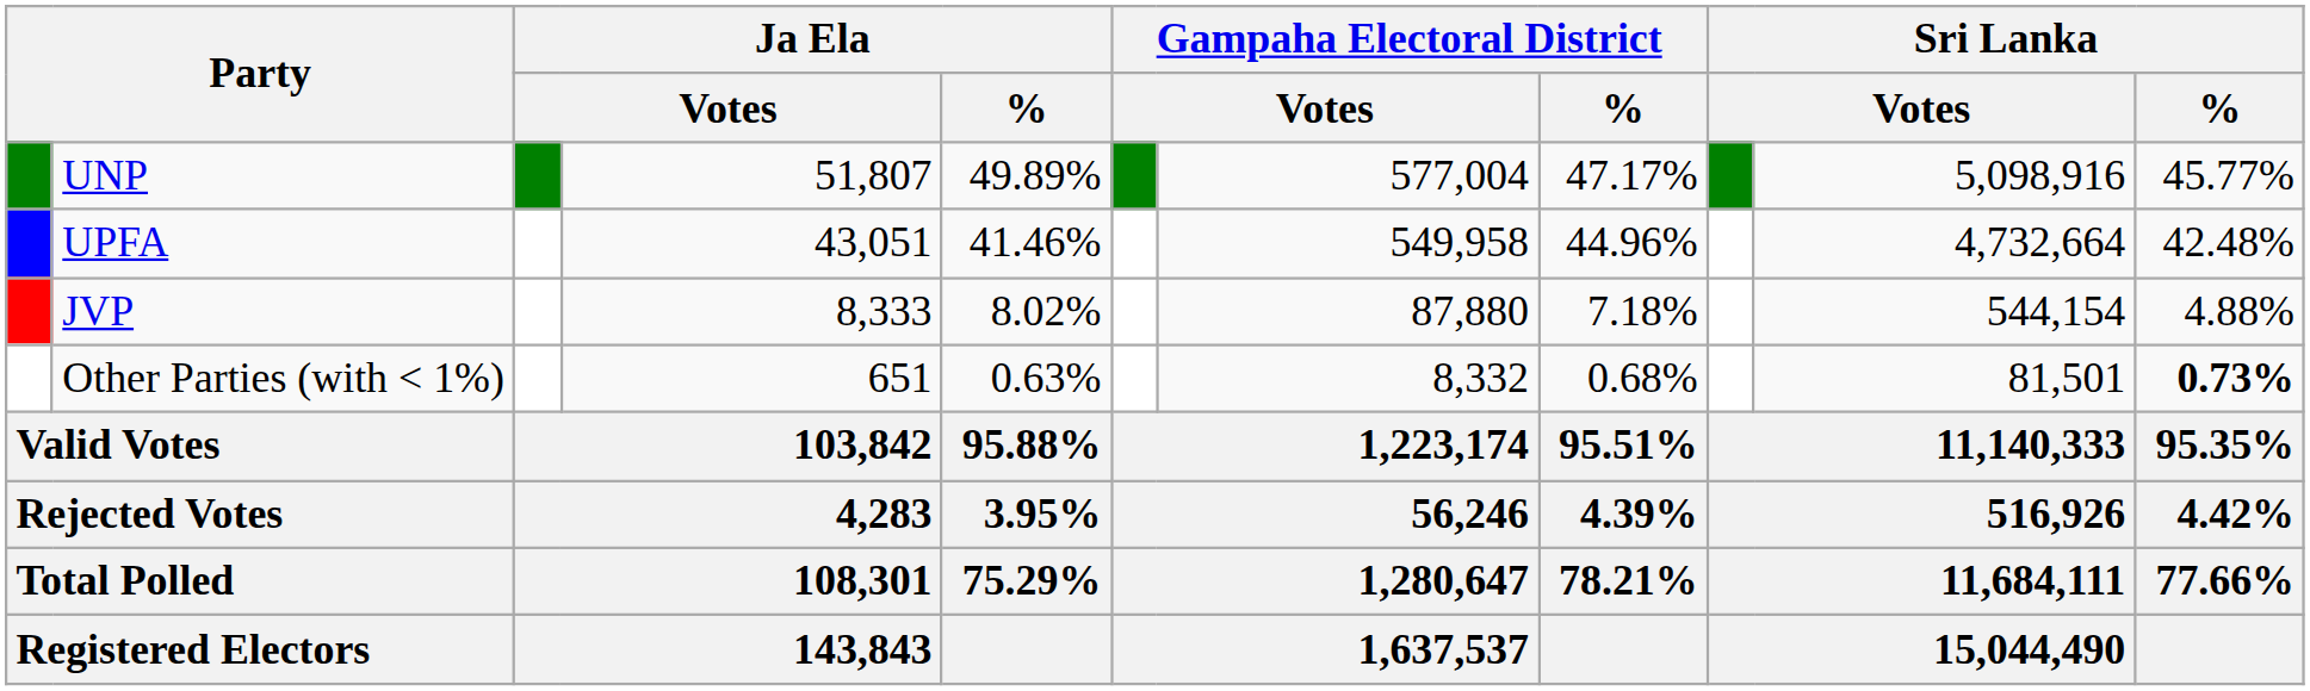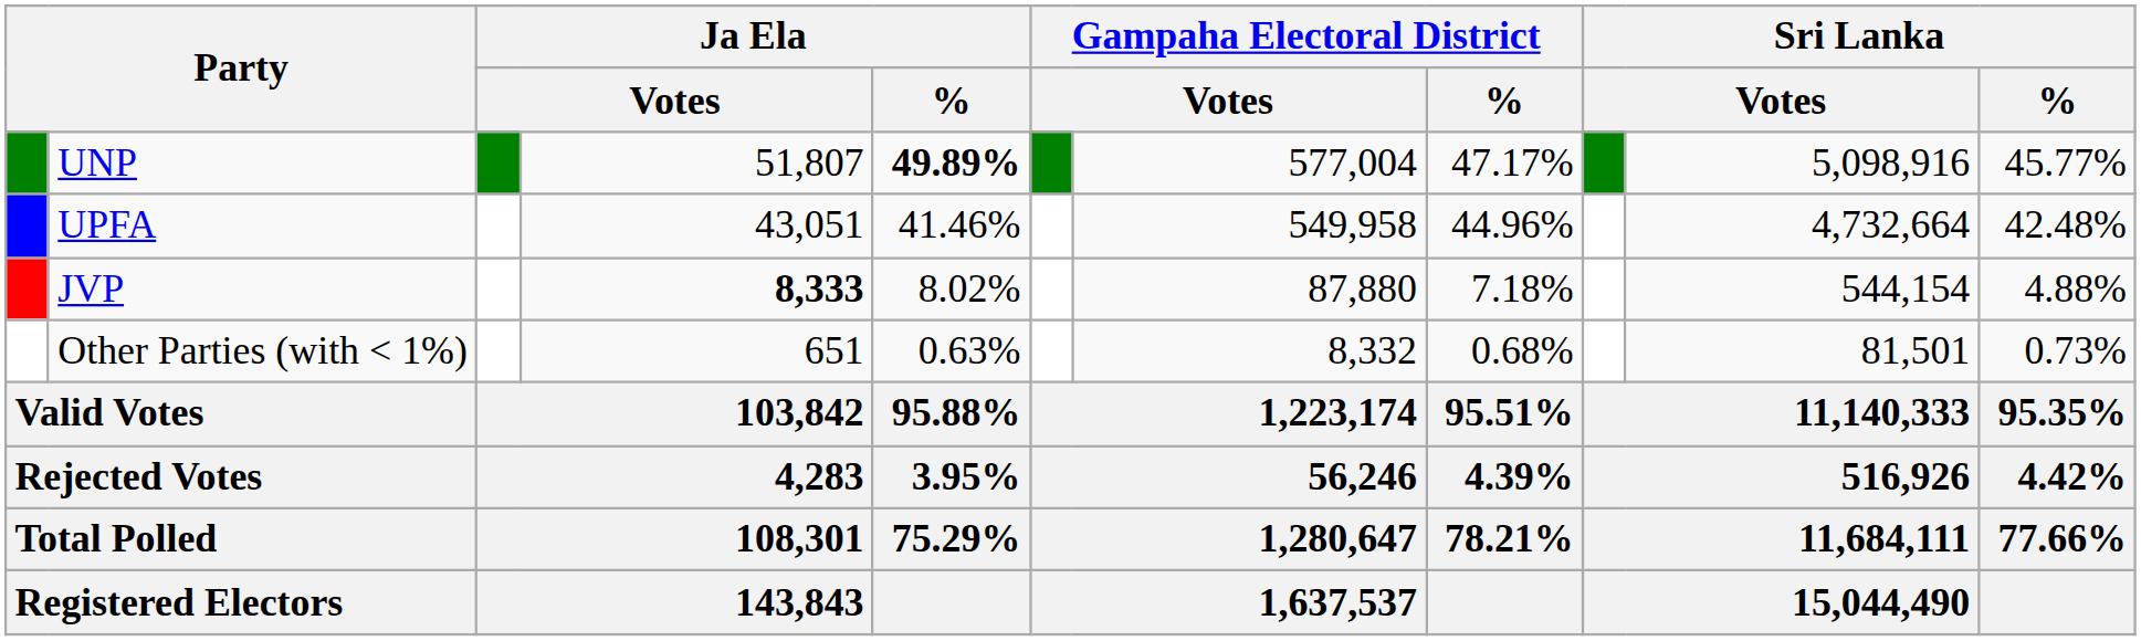 <table class="wikitable">
 <tr>
 <th colspan="2" width="144px"rowspan="2">Party</th>
 <th colspan="3" width="216px">Ja Ela</th>
 <th colspan="3" width="216px"><a href='#'>Gampaha Electoral District</a></th>
 <th colspan="3" width="216px">Sri Lanka</th>
 </tr>
 <tr>
 <th colspan="2" width="144px">Votes</th>
 <th>%</th>
 <th colspan="2" width="144px">Votes</th>
 <th>%</th>
 <th colspan="2" width="144px">Votes</th>
 <th>%</th>
 </tr>
 <tr>
 <td style="background-color:green;" width="10px"></td>
 <td style="text-align:left;"><a href='#'>UNP</a></td>
 <td style="background-color:green;" width="10px"></td>
 <td style="text-align:right;">51,807</td>
-<td style="text-align:right;">49.89%</td>
+<td style="text-align:right;"><strong>49.89%</strong></td>
 <td style="background-color:green;" width="10px"></td>
 <td style="text-align:right;">577,004</td>
 <td style="text-align:right;">47.17%</td>
 <td style="background-color:green;" width="10px"></td>
 <td style="text-align:right;">5,098,916</td>
 <td style="text-align:right;">45.77%</td>
 </tr>
 <tr>
 <td style="background-color:blue;" width="10px"></td>
 <td style="text-align:left;"><a href='#'>UPFA</a></td>
 <td style="background-color:white;" width="10px"></td>
 <td style="text-align:right;">43,051</td>
 <td style="text-align:right;">41.46%</td>
 <td style="background-color:white;" width="10px"></td>
 <td style="text-align:right;">549,958</td>
 <td style="text-align:right;">44.96%</td>
 <td style="background-color:white;" width="10px"></td>
 <td style="text-align:right;">4,732,664</td>
 <td style="text-align:right;">42.48%</td>
 </tr>
 <tr>
 <td style="background-color:red;" width="10px"></td>
 <td style="text-align:left;"><a href='#'>JVP</a></td>
 <td style="background-color:white;" width="10px"></td>
-<td style="text-align:right;">8,333</td>
+<td style="text-align:right;"><strong>8,333</strong></td>
 <td style="text-align:right;">8.02%</td>
 <td style="background-color:white;" width="10px"></td>
 <td style="text-align:right;">87,880</td>
 <td style="text-align:right;">7.18%</td>
 <td style="background-color:white;" width="10px"></td>
 <td style="text-align:right;">544,154</td>
 <td style="text-align:right;">4.88%</td>
 </tr>
 <tr>
 <td style="background-color:white;" width="10px"></td>
 <td style="text-align:left;">Other Parties (with < 1%)</td>
 <td style="background-color:white;" width="10px"></td>
 <td style="text-align:right;">651</td>
 <td style="text-align:right;">0.63%</td>
 <td style="background-color:white;" width="10px"></td>
 <td style="text-align:right;">8,332</td>
 <td style="text-align:right;">0.68%</td>
 <td style="background-color:white;" width="10px"></td>
 <td style="text-align:right;">81,501</td>
-<td style="text-align:right;"><strong>0.73%</strong></td>
+<td style="text-align:right;">0.73%</td>
 </tr>
 <tr>
 <th colspan="2" width="144px"style="text-align:left;">Valid Votes</th>
 <th style="text-align:right;"colspan="2" width="144px">103,842</th>
 <th style="text-align:right;">95.88%</th>
 <th style="text-align:right;"colspan="2" width="144px">1,223,174</th>
 <th style="text-align:right;">95.51%</th>
 <th style="text-align:right;"colspan="2" width="144px">11,140,333</th>
 <th style="text-align:right;">95.35%</th>
 </tr>
 <tr>
 <th colspan="2" width="144px"style="text-align:left;">Rejected Votes</th>
 <th style="text-align:right;"colspan="2" width="144px">4,283</th>
 <th style="text-align:right;">3.95%</th>
 <th style="text-align:right;"colspan="2" width="144px">56,246</th>
 <th style="text-align:right;">4.39%</th>
 <th style="text-align:right;"colspan="2" width="144px">516,926</th>
 <th style="text-align:right;">4.42%</th>
 </tr>
 <tr>
 <th colspan="2" width="144px"style="text-align:left;">Total Polled</th>
 <th style="text-align:right;"colspan="2" width="144px">108,301</th>
 <th style="text-align:right;">75.29%</th>
 <th style="text-align:right;"colspan="2" width="144px">1,280,647</th>
 <th style="text-align:right;">78.21%</th>
 <th style="text-align:right;"colspan="2" width="144px">11,684,111</th>
 <th style="text-align:right;">77.66%</th>
 </tr>
 <tr>
 <th colspan="2" width="144px"style="text-align:left;">Registered Electors</th>
 <th style="text-align:right;"colspan="2" width="144px">143,843</th>
 <th></th>
 <th style="text-align:right;"colspan="2" width="144px">1,637,537</th>
 <th></th>
 <th style="text-align:right;"colspan="2" width="144px">15,044,490</th>
 <th></th>
 </tr>
 </table>
